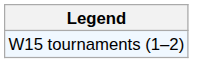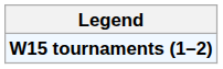 <table class=wikitable style="font-size:85%">
 <tr>
 <th>Legend</th>
 </tr>
 <tr style="background:#f0f8ff;">
-<td>W15 tournaments (1–2)</td>
+<td><strong>W15 tournaments (1–2)</strong></td>
 </tr>
 </table>
